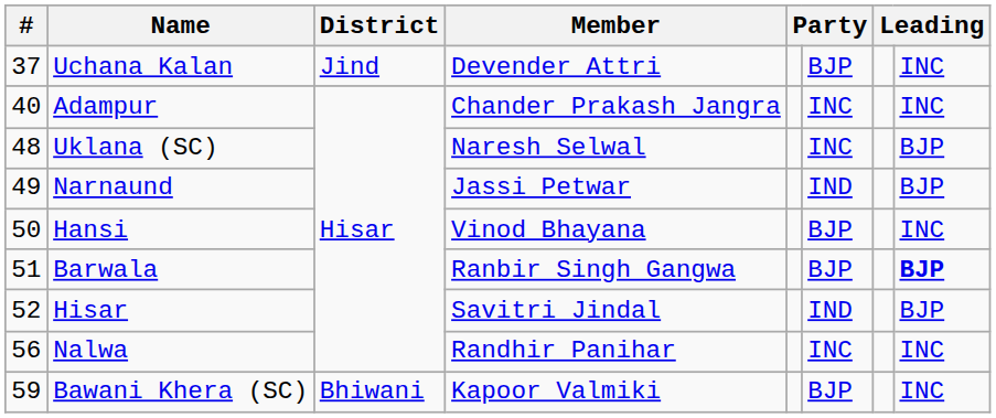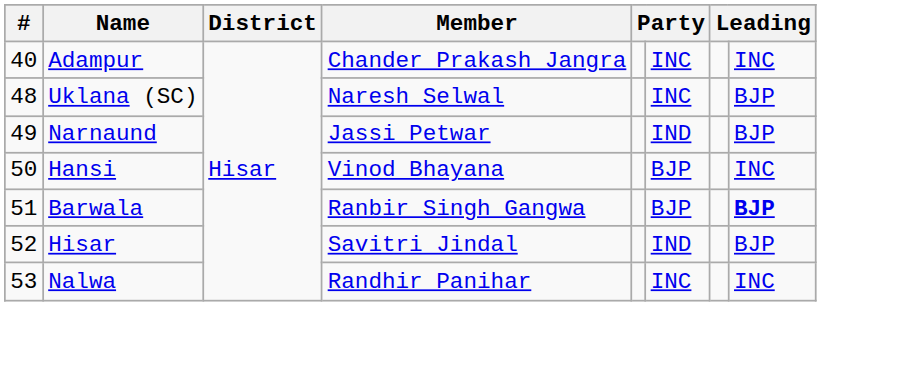 <table class="wikitable">
 <tr>
 <th>#</th>
 <th>Name</th>
 <th>District</th>
 <th>Member</th>
 <th colspan="2">Party</th>
 <th colspan="2">Leading<br></th>
-</tr>
-<tr>
-<td>37</td>
-<td><a href='#'>Uchana Kalan</a></td>
-<td><a href='#'>Jind</a></td>
-<td><a href='#'>Devender Attri</a></td>
-<td style="background-color:"></td>
-<td><a href='#'>BJP</a></td>
-<td style="background-color:"></td>
-<td><a href='#'>INC</a></td>
 </tr>
 <tr>
 <td>40</td>
 <td><a href='#'>Adampur</a></td>
 <td rowspan="7"><a href='#'>Hisar</a></td>
 <td><a href='#'>Chander Prakash Jangra</a></td>
 <td style="background-color:"></td>
 <td><a href='#'>INC</a></td>
 <td style="background-color:"></td>
 <td><a href='#'>INC</a></td>
 </tr>
 <tr>
 <td>48</td>
 <td><a href='#'>Uklana</a> (SC)</td>
 <td><a href='#'>Naresh Selwal</a></td>
 <td style="background-color:"></td>
 <td><a href='#'>INC</a></td>
 <td style="background-color:"></td>
 <td><a href='#'>BJP</a></td>
 </tr>
 <tr>
 <td>49</td>
 <td><a href='#'>Narnaund</a></td>
 <td><a href='#'>Jassi Petwar</a></td>
 <td style="background-color:"></td>
 <td><a href='#'>IND</a></td>
 <td style="background-color:"></td>
 <td><a href='#'>BJP</a></td>
 </tr>
 <tr>
 <td>50</td>
 <td><a href='#'>Hansi</a></td>
 <td><a href='#'>Vinod Bhayana</a></td>
 <td style="background-color:"></td>
 <td><a href='#'>BJP</a></td>
 <td style="background-color:"></td>
 <td><a href='#'>INC</a></td>
 </tr>
 <tr>
 <td>51</td>
 <td><a href='#'>Barwala</a></td>
 <td><a href='#'>Ranbir Singh Gangwa</a></td>
 <td style="background-color:"></td>
 <td><a href='#'>BJP</a></td>
 <td style="background-color:"></td>
 <td><strong><a href='#'>BJP</a></strong></td>
 </tr>
 <tr>
 <td>52</td>
 <td><a href='#'>Hisar</a></td>
 <td><a href='#'>Savitri Jindal</a></td>
 <td style="background-color:"></td>
 <td><a href='#'>IND</a></td>
 <td style="background-color:"></td>
 <td><a href='#'>BJP</a></td>
 </tr>
 <tr>
-<td>56</td>
+<td>53</td>
 <td><a href='#'>Nalwa</a></td>
 <td><a href='#'>Randhir Panihar</a></td>
 <td style="background-color:"></td>
 <td><a href='#'>INC</a></td>
 <td style="background-color:"></td>
 <td><a href='#'>INC</a></td>
 </tr>
-<tr>
-<td>59</td>
-<td><a href='#'>Bawani Khera</a> (SC)</td>
-<td><a href='#'>Bhiwani</a></td>
-<td><a href='#'>Kapoor Valmiki</a></td>
-<td style="background-color:"></td>
-<td><a href='#'>BJP</a></td>
-<td style="background-color:"></td>
-<td><a href='#'>INC</a></td>
-</tr>
 </table>
